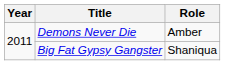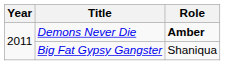 <table class="wikitable">
 <tr>
 <th>Year</th>
 <th>Title</th>
 <th>Role</th>
 </tr>
 <tr>
 <td rowspan="2">2011</td>
 <td><em><a href='#'>Demons Never Die</a></em></td>
-<td>Amber</td>
+<td><strong>Amber</strong></td>
 </tr>
 <tr>
 <td><em><a href='#'>Big Fat Gypsy Gangster</a></em></td>
 <td>Shaniqua</td>
 </tr>
 </table>
